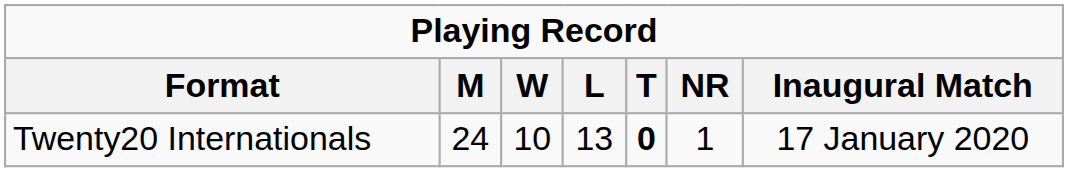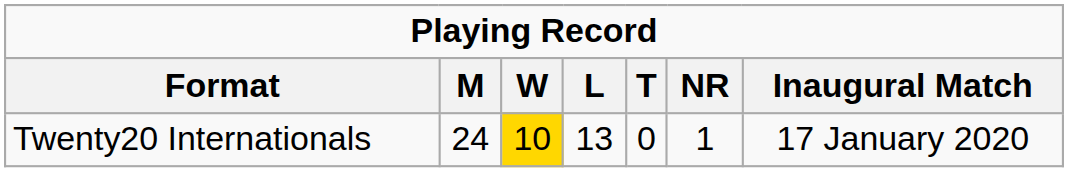 <table class="wikitable" style="text-align: center; width: 500px;">
 <tr>
 <td colspan=7 align="center"><strong>Playing Record</strong></td>
 </tr>
 <tr>
 <th>Format</th>
 <th>M</th>
 <th>W</th>
 <th>L</th>
 <th>T</th>
 <th>NR</th>
 <th>Inaugural Match</th>
 </tr>
 <tr>
 <td align="left">Twenty20 Internationals</td>
 <td>24</td>
-<td>10</td>
+<td style="background: gold;">10</td>
 <td>13</td>
-<td><strong>0</strong></td>
+<td>0</td>
 <td>1</td>
 <td>17 January 2020</td>
 </tr>
 </table>
